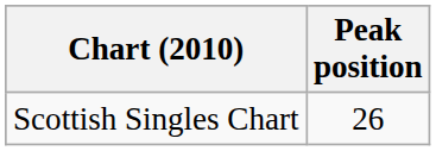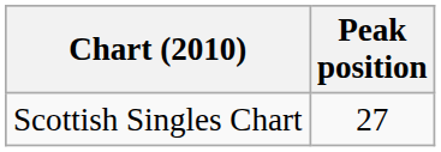 <table class="wikitable">
 <tr>
 <th>Chart (2010)</th>
 <th align="center">Peak<br>position</th>
 </tr>
 <tr>
 <td>Scottish Singles Chart</td>
-<td align="center">26</td>
+<td align="center">27</td>
 </tr>
 </table>
